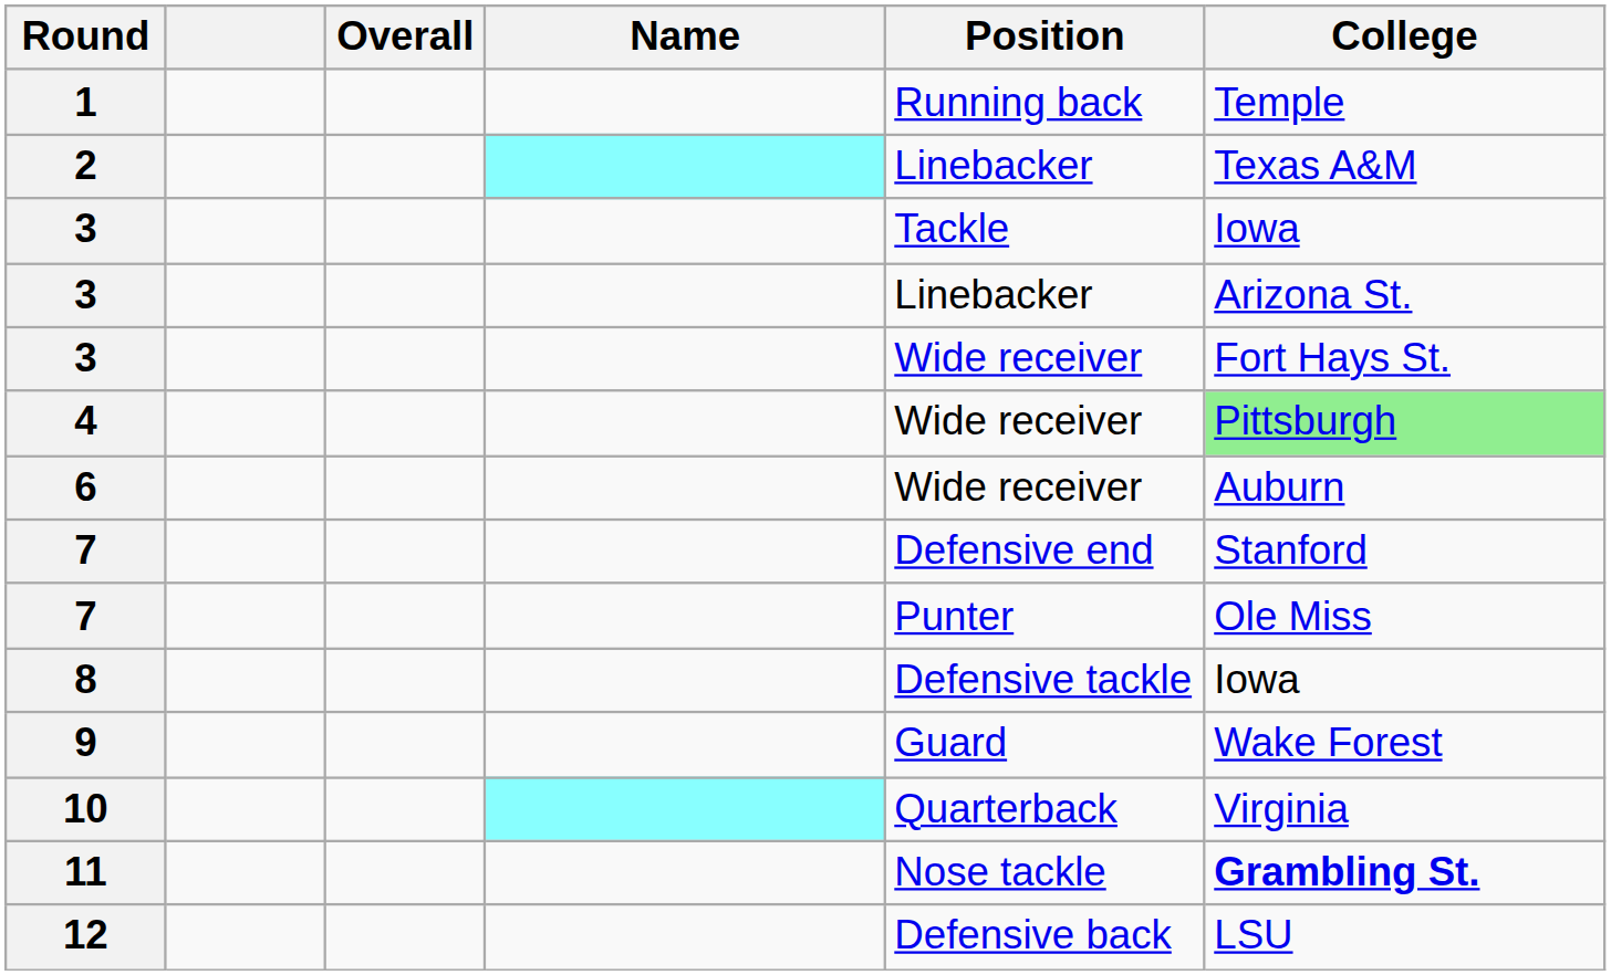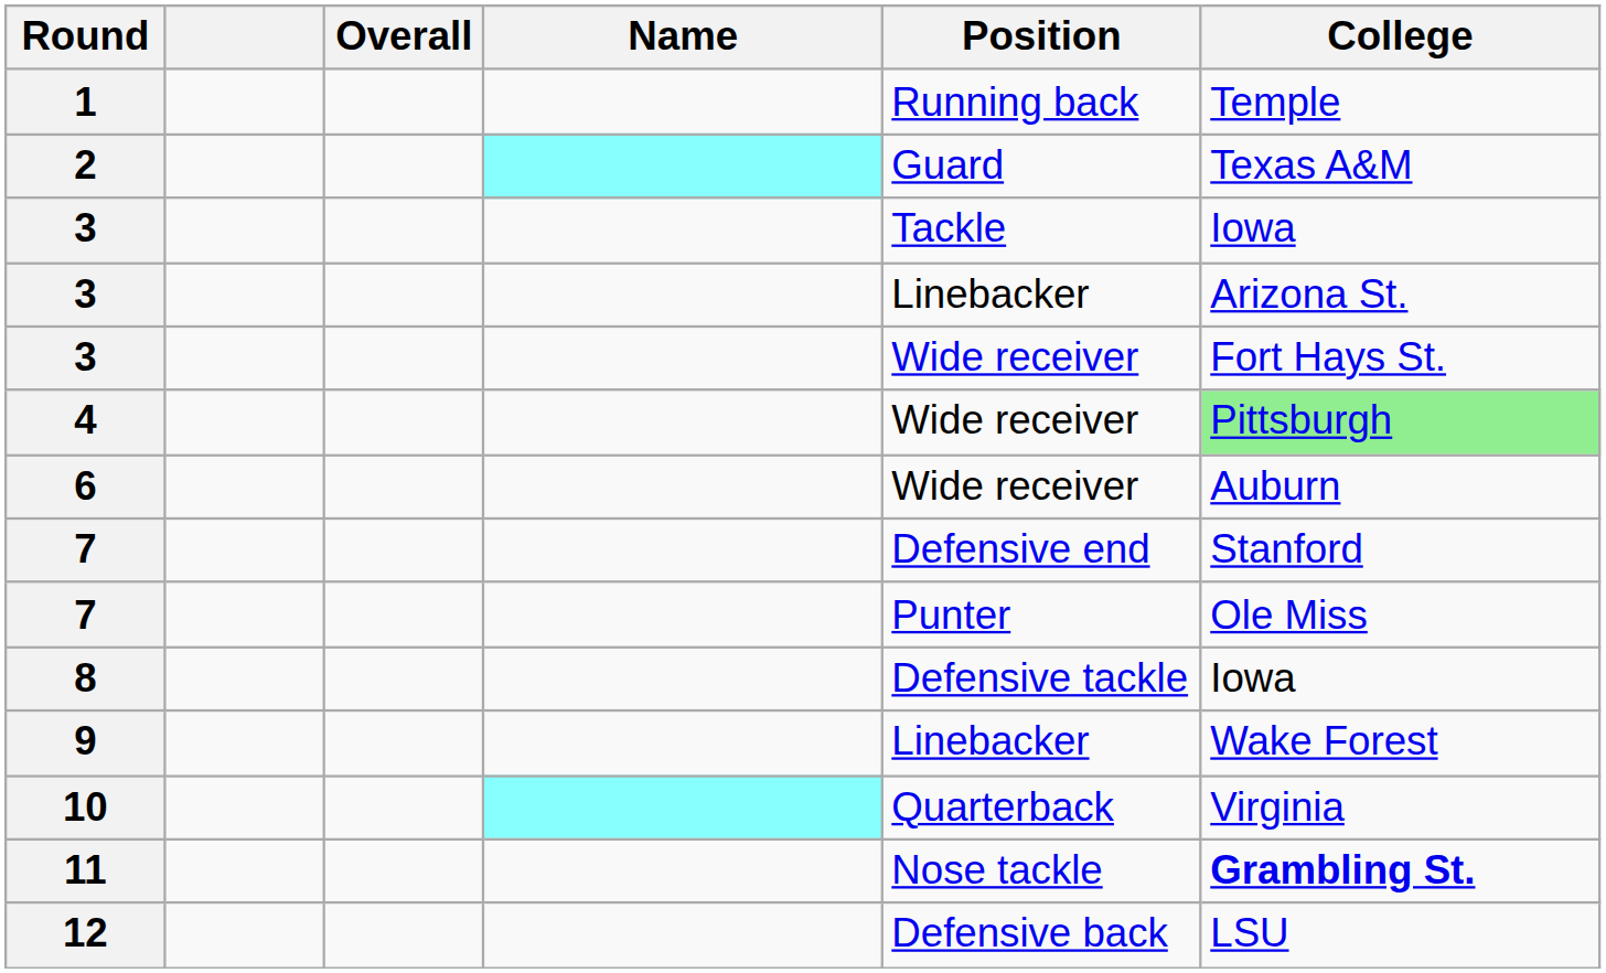 <table class="wikitable sortable" style="width: 50%;">
 <tr>
 <th scope="col" style="width: 10%;">Round</th>
 <th scope="col" style="width: 10%;"></th>
 <th scope="col" style="width: 10%;">Overall</th>
 <th scope="col" style="width: 25%;">Name</th>
 <th scope="col" style="width: 20%;">Position</th>
 <th scope="col" style="width: 25%;">College</th>
 </tr>
 <tr>
 <th scope="row">1</th>
 <td></td>
 <td></td>
 <td></td>
 <td><a href='#'>Running back</a></td>
 <td><a href='#'>Temple</a></td>
 </tr>
 <tr>
 <th scope="row">2</th>
 <td></td>
 <td></td>
 <td style="background:#88FFFF;"> <sup></sup></td>
-<td><a href='#'>Linebacker</a></td>
+<td><a href='#'>Guard</a></td>
 <td><a href='#'>Texas A&M</a></td>
 </tr>
 <tr>
 <th scope="row">3</th>
 <td></td>
 <td></td>
 <td></td>
 <td><a href='#'>Tackle</a></td>
 <td><a href='#'>Iowa</a></td>
 </tr>
 <tr>
 <th scope="row">3</th>
 <td></td>
 <td></td>
 <td></td>
 <td>Linebacker</td>
 <td><a href='#'>Arizona St.</a></td>
 </tr>
 <tr>
 <th scope="row">3</th>
 <td></td>
 <td></td>
 <td></td>
 <td><a href='#'>Wide receiver</a></td>
 <td><a href='#'>Fort Hays St.</a></td>
 </tr>
 <tr>
 <th scope="row">4</th>
 <td></td>
 <td></td>
 <td></td>
 <td>Wide receiver</td>
 <td style="background: lightgreen;"><a href='#'>Pittsburgh</a></td>
 </tr>
 <tr>
 <th scope="row">6</th>
 <td></td>
 <td></td>
 <td></td>
 <td>Wide receiver</td>
 <td><a href='#'>Auburn</a></td>
 </tr>
 <tr>
 <th scope="row">7</th>
 <td></td>
 <td></td>
 <td></td>
 <td><a href='#'>Defensive end</a></td>
 <td><a href='#'>Stanford</a></td>
 </tr>
 <tr>
 <th scope="row">7</th>
 <td></td>
 <td></td>
 <td></td>
 <td><a href='#'>Punter</a></td>
 <td><a href='#'>Ole Miss</a></td>
 </tr>
 <tr>
 <th scope="row">8</th>
 <td></td>
 <td></td>
 <td></td>
 <td><a href='#'>Defensive tackle</a></td>
 <td>Iowa</td>
 </tr>
 <tr>
 <th scope="row">9</th>
 <td></td>
 <td></td>
 <td></td>
-<td><a href='#'>Guard</a></td>
+<td><a href='#'>Linebacker</a></td>
 <td><a href='#'>Wake Forest</a></td>
 </tr>
 <tr>
 <th scope="row">10</th>
 <td></td>
 <td></td>
 <td style="background:#88FFFF;"> <sup></sup></td>
 <td><a href='#'>Quarterback</a></td>
 <td><a href='#'>Virginia</a></td>
 </tr>
 <tr>
 <th scope="row">11</th>
 <td></td>
 <td></td>
 <td></td>
 <td><a href='#'>Nose tackle</a></td>
 <td><strong><a href='#'>Grambling St.</a></strong></td>
 </tr>
 <tr>
 <th scope="row">12</th>
 <td></td>
 <td></td>
 <td></td>
 <td><a href='#'>Defensive back</a></td>
 <td><a href='#'>LSU</a></td>
 </tr>
 </table>
